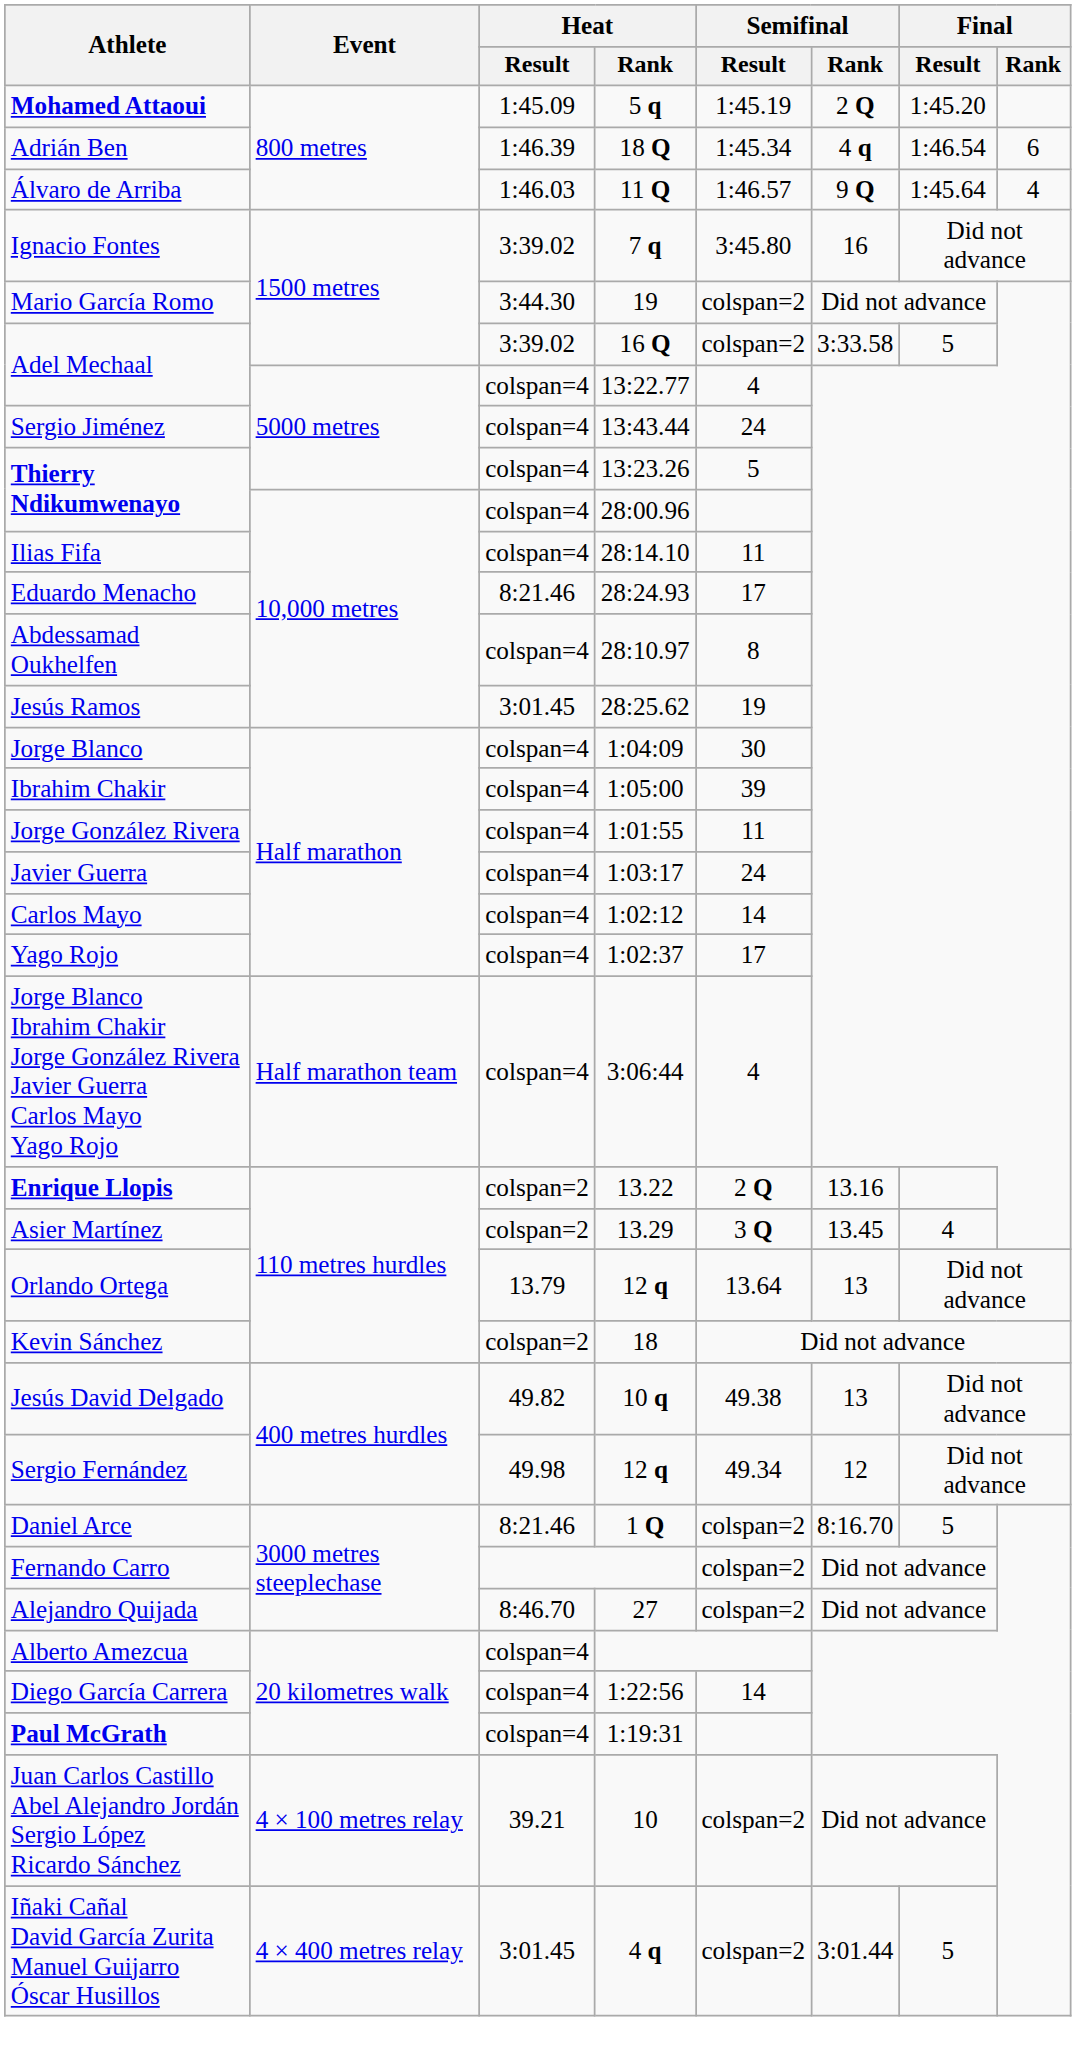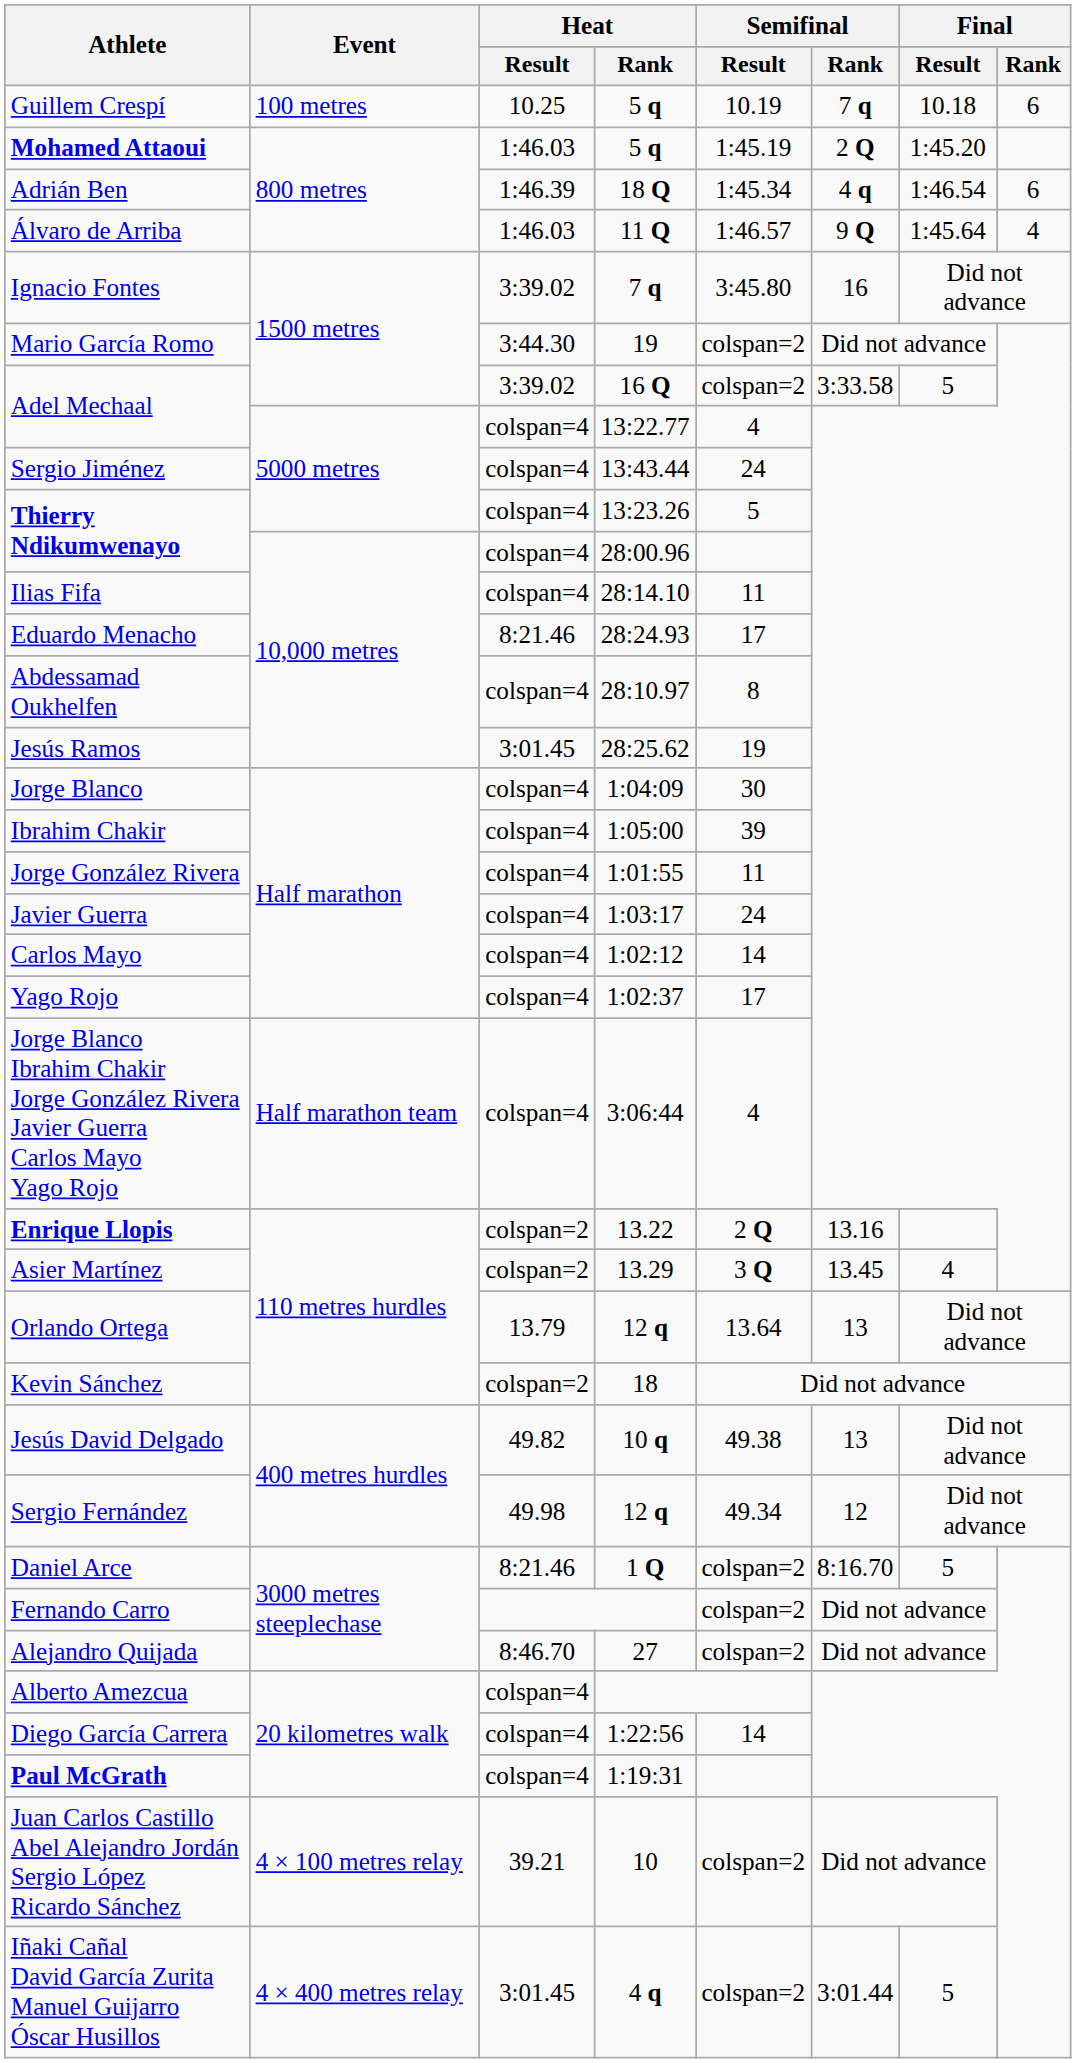 <table class=wikitable style=font-size:90%>
 <tr>
 <th rowspan=2>Athlete</th>
 <th rowspan=2>Event</th>
 <th colspan=2>Heat</th>
 <th colspan=2>Semifinal</th>
 <th colspan=2>Final</th>
 </tr>
 <tr style=font-size:95%>
 <th>Result</th>
 <th>Rank</th>
 <th>Result</th>
 <th>Rank</th>
 <th>Result</th>
 <th>Rank</th>
 </tr>
 <tr align=center>
+<td align=left><a href='#'>Guillem Crespí</a></td>
+<td align=left><a href='#'>100 metres</a></td>
+<td>10.25</td>
+<td>5  <strong>q</strong></td>
+<td>10.19 </td>
+<td>7 <strong>q</strong></td>
+<td>10.18 </td>
+<td>6</td>
+</tr>
+<tr align=center>
 <td align=left><strong><a href='#'>Mohamed Attaoui</a></strong></td>
 <td align=left rowspan=3><a href='#'>800 metres</a></td>
-<td>1:45.09</td>
+<td>1:46.03</td>
 <td>5 <strong>q</strong></td>
 <td>1:45.19</td>
 <td>2 <strong>Q</strong></td>
 <td>1:45.20</td>
 <td></td>
 </tr>
 <tr align=center>
 <td align=left><a href='#'>Adrián Ben</a></td>
 <td>1:46.39</td>
 <td>18 <strong>Q</strong></td>
 <td>1:45.34</td>
 <td>4 <strong>q</strong></td>
 <td>1:46.54</td>
 <td>6</td>
 </tr>
 <tr align=center>
 <td align=left><a href='#'>Álvaro de Arriba</a></td>
 <td>1:46.03</td>
 <td>11 <strong>Q</strong></td>
 <td>1:46.57</td>
 <td>9 <strong>Q</strong></td>
 <td>1:45.64</td>
 <td>4</td>
 </tr>
 <tr align=center>
 <td align=left><a href='#'>Ignacio Fontes</a></td>
 <td align=left rowspan=3><a href='#'>1500 metres</a></td>
 <td>3:39.02</td>
 <td>7 <strong>q</strong></td>
 <td>3:45.80</td>
 <td>16</td>
 <td colspan=2>Did not advance</td>
 </tr>
 <tr align=center>
 <td align=left><a href='#'>Mario García Romo</a></td>
 <td>3:44.30</td>
 <td>19</td>
 <td>colspan=2</td>
 <td colspan=2>Did not advance</td>
 </tr>
 <tr align=center>
 <td align=left rowspan=2><a href='#'>Adel Mechaal</a></td>
 <td>3:39.02</td>
 <td>16 <strong>Q</strong></td>
 <td>colspan=2</td>
 <td>3:33.58</td>
 <td>5</td>
 </tr>
 <tr align=center>
 <td align=left rowspan=3><a href='#'>5000 metres</a></td>
 <td>colspan=4</td>
 <td>13:22.77</td>
 <td>4</td>
 </tr>
 <tr align=center>
 <td align=left><a href='#'>Sergio Jiménez</a></td>
 <td>colspan=4</td>
 <td>13:43.44</td>
 <td>24</td>
 </tr>
 <tr align=center>
 <td align=left rowspan=2><strong><a href='#'>Thierry Ndikumwenayo</a></strong></td>
 <td>colspan=4</td>
 <td>13:23.26</td>
 <td>5</td>
 </tr>
 <tr align=center>
 <td align=left rowspan=5><a href='#'>10,000 metres</a></td>
 <td>colspan=4</td>
 <td>28:00.96</td>
 <td></td>
 </tr>
 <tr align=center>
 <td align=left><a href='#'>Ilias Fifa</a></td>
 <td>colspan=4</td>
 <td>28:14.10</td>
 <td>11</td>
 </tr>
 <tr align=center>
 <td align=left><a href='#'>Eduardo Menacho</a></td>
 <td>8:21.46</td>
 <td>28:24.93</td>
 <td>17</td>
 </tr>
 <tr align=center>
 <td align=left><a href='#'>Abdessamad Oukhelfen</a></td>
 <td>colspan=4</td>
 <td>28:10.97</td>
 <td>8</td>
 </tr>
 <tr align=center>
 <td align=left><a href='#'>Jesús Ramos</a></td>
 <td>3:01.45 </td>
 <td>28:25.62</td>
 <td>19</td>
 </tr>
 <tr align=center>
 <td align=left><a href='#'>Jorge Blanco</a></td>
 <td align=left rowspan=6><a href='#'>Half marathon</a></td>
 <td>colspan=4</td>
 <td>1:04:09</td>
 <td>30</td>
 </tr>
 <tr align=center>
 <td align=left><a href='#'>Ibrahim Chakir</a></td>
 <td>colspan=4</td>
 <td>1:05:00</td>
 <td>39</td>
 </tr>
 <tr align=center>
 <td align=left><a href='#'>Jorge González Rivera</a></td>
 <td>colspan=4</td>
 <td>1:01:55 </td>
 <td>11</td>
 </tr>
 <tr align=center>
 <td align=left><a href='#'>Javier Guerra</a></td>
 <td>colspan=4</td>
 <td>1:03:17</td>
 <td>24</td>
 </tr>
 <tr align=center>
 <td align=left><a href='#'>Carlos Mayo</a></td>
 <td>colspan=4</td>
 <td>1:02:12</td>
 <td>14</td>
 </tr>
 <tr align=center>
 <td align=left><a href='#'>Yago Rojo</a></td>
 <td>colspan=4</td>
 <td>1:02:37</td>
 <td>17</td>
 </tr>
 <tr align=center>
 <td align=left><a href='#'>Jorge Blanco</a><br><a href='#'>Ibrahim Chakir</a><br><a href='#'>Jorge González Rivera</a><br><a href='#'>Javier Guerra</a><br><a href='#'>Carlos Mayo</a><br><a href='#'>Yago Rojo</a></td>
 <td align=left><a href='#'>Half marathon team</a></td>
 <td>colspan=4</td>
 <td>3:06:44</td>
 <td>4</td>
 </tr>
 <tr align=center>
 <td align=left><strong><a href='#'>Enrique Llopis</a></strong></td>
 <td align=left rowspan=4><a href='#'>110 metres hurdles</a></td>
 <td>colspan=2 </td>
 <td>13.22</td>
 <td>2 <strong>Q</strong></td>
 <td>13.16 </td>
 <td></td>
 </tr>
 <tr align=center>
 <td align=left><a href='#'>Asier Martínez</a></td>
 <td>colspan=2 </td>
 <td>13.29</td>
 <td>3 <strong>Q</strong></td>
 <td>13.45</td>
 <td>4</td>
 </tr>
 <tr align=center>
 <td align=left><a href='#'>Orlando Ortega</a></td>
 <td>13.79</td>
 <td>12 <strong>q</strong></td>
 <td>13.64</td>
 <td>13</td>
 <td colspan=2>Did not advance</td>
 </tr>
 <tr align=center>
 <td align=left><a href='#'>Kevin Sánchez</a></td>
 <td>colspan=2 </td>
 <td>18</td>
 <td colspan=4>Did not advance</td>
 </tr>
 <tr align=center>
 <td align=left><a href='#'>Jesús David Delgado</a></td>
 <td align=left rowspan=2><a href='#'>400 metres hurdles</a></td>
 <td>49.82</td>
 <td>10 <strong>q</strong></td>
 <td>49.38</td>
 <td>13</td>
 <td colspan=2>Did not advance</td>
 </tr>
 <tr align=center>
 <td align=left><a href='#'>Sergio Fernández</a></td>
 <td>49.98</td>
 <td>12 <strong>q</strong></td>
 <td>49.34</td>
 <td>12</td>
 <td colspan=2>Did not advance</td>
 </tr>
 <tr align=center>
 <td align=left><a href='#'>Daniel Arce</a></td>
 <td align=left rowspan=3><a href='#'>3000 metres steeplechase</a></td>
 <td>8:21.46</td>
 <td>1 <strong>Q</strong></td>
 <td>colspan=2</td>
 <td>8:16.70</td>
 <td>5</td>
 </tr>
 <tr align=center>
 <td align=left><a href='#'>Fernando Carro</a></td>
 <td colspan=2></td>
 <td>colspan=2</td>
 <td colspan=2>Did not advance</td>
 </tr>
 <tr align=center>
 <td align=left><a href='#'>Alejandro Quijada</a></td>
 <td>8:46.70</td>
 <td>27</td>
 <td>colspan=2</td>
 <td colspan=2>Did not advance</td>
 </tr>
 <tr align=center>
 <td align=left><a href='#'>Alberto Amezcua</a></td>
 <td align=left rowspan=3><a href='#'>20 kilometres walk</a></td>
 <td>colspan=4</td>
 <td colspan=2></td>
 </tr>
 <tr align=center>
 <td align=left><a href='#'>Diego García Carrera</a></td>
 <td>colspan=4</td>
 <td>1:22:56</td>
 <td>14</td>
 </tr>
 <tr align=center>
 <td align=left><strong><a href='#'>Paul McGrath</a></strong></td>
 <td>colspan=4</td>
 <td>1:19:31</td>
 <td></td>
 </tr>
 <tr align=center>
 <td align=left><a href='#'>Juan Carlos Castillo</a><br><a href='#'>Abel Alejandro Jordán</a><br><a href='#'>Sergio López</a><br><a href='#'>Ricardo Sánchez</a></td>
 <td align=left><a href='#'>4 × 100 metres relay</a></td>
 <td>39.21 </td>
 <td>10</td>
 <td>colspan=2</td>
 <td colspan=2>Did not advance</td>
 </tr>
 <tr align=center>
 <td align=left><a href='#'>Iñaki Cañal</a><br><a href='#'>David García Zurita</a><br><a href='#'>Manuel Guijarro</a><br><a href='#'>Óscar Husillos</a></td>
 <td align=left><a href='#'>4 × 400 metres relay</a></td>
 <td>3:01.45 </td>
 <td>4 <strong>q</strong></td>
 <td>colspan=2</td>
 <td>3:01.44 </td>
 <td>5</td>
 </tr>
 </table>
